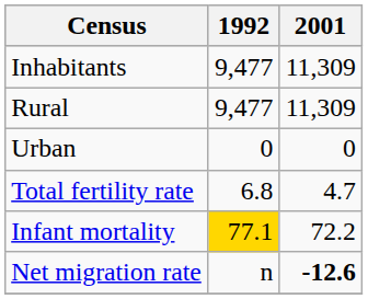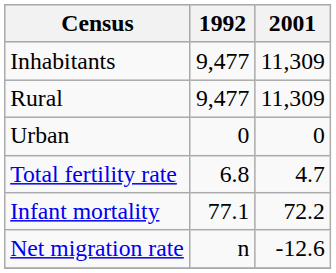 <table class="wikitable" border="1" style="width:25%;" border="1">
 <tr bgcolor=silver>
 <th><strong>Census</strong></th>
 <th><strong>1992</strong></th>
 <th><strong>2001</strong></th>
 </tr>
 <tr>
 <td>Inhabitants</td>
 <td align="right">9,477</td>
 <td align="right">11,309</td>
 </tr>
 <tr>
 <td>Rural</td>
 <td align="right">9,477</td>
 <td align="right">11,309</td>
 </tr>
 <tr>
 <td>Urban</td>
 <td align="right">0</td>
 <td align="right">0</td>
 </tr>
 <tr>
 <td><a href='#'>Total fertility rate</a></td>
 <td align="right">6.8</td>
 <td align="right">4.7</td>
 </tr>
 <tr>
 <td><a href='#'>Infant mortality</a></td>
-<td align="right" style="background: gold;">77.1</td>
+<td align="right">77.1</td>
 <td align="right">72.2</td>
 </tr>
 <tr>
 <td><a href='#'>Net migration rate</a></td>
 <td align="right">n</td>
-<td align="right"><strong>-12.6</strong></td>
+<td align="right">-12.6</td>
 </tr>
 <tr>
 </tr>
 </table>
